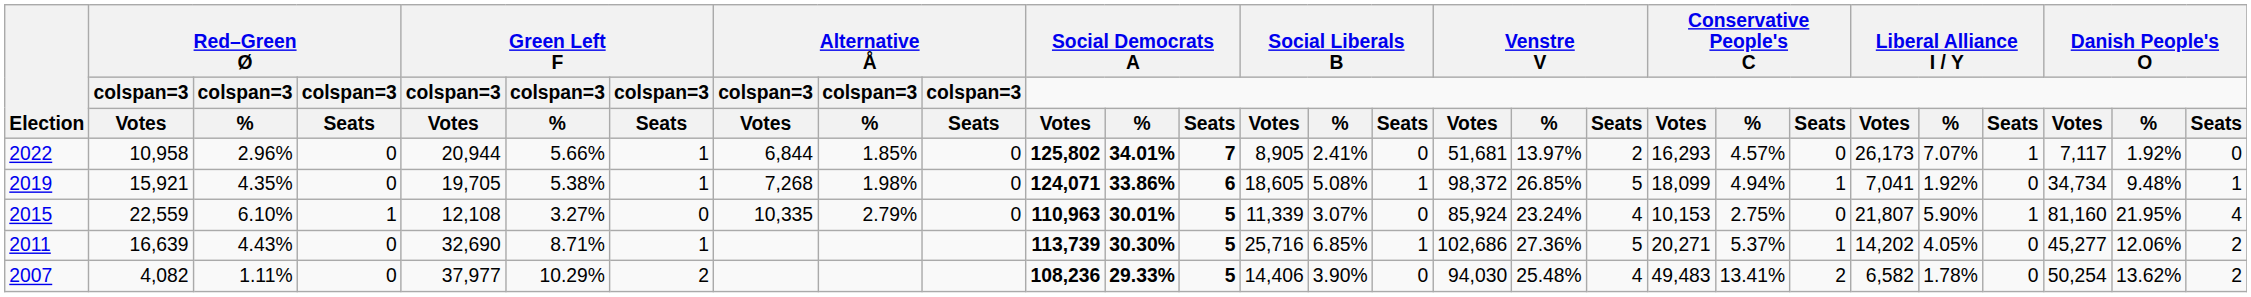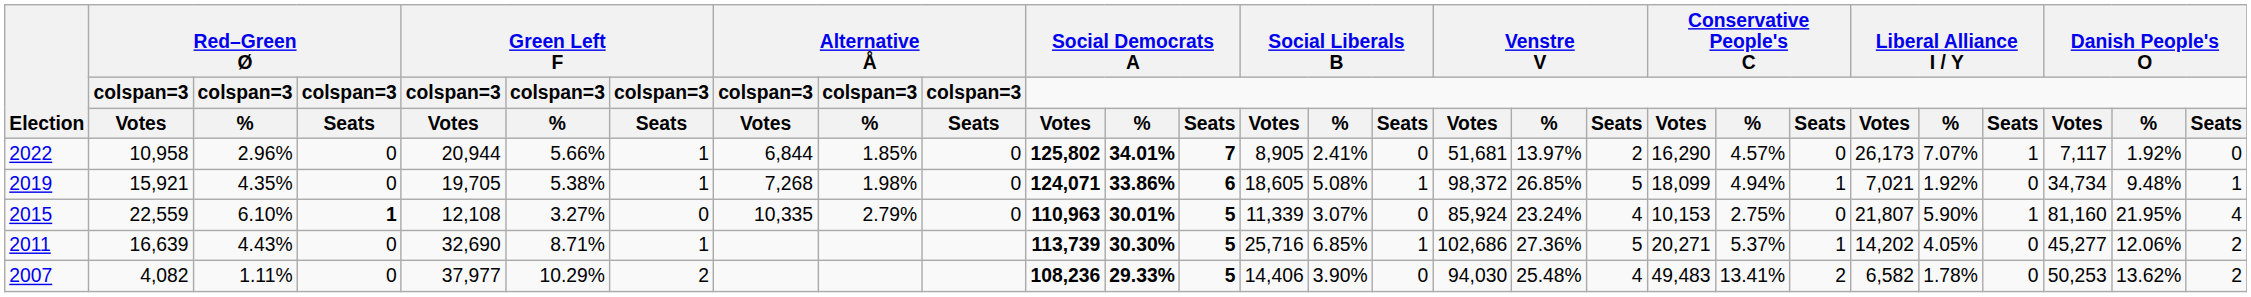 <table class="wikitable" border="1" style="font-size:85%; text-align:right;">
 <tr>
 <th style="text-align:left;" valign=bottom rowspan=3>Election</th>
 <th valign=bottom colspan=3><a href='#'>Red–Green</a><br>Ø</th>
 <th valign=bottom colspan=3><a href='#'>Green Left</a><br>F</th>
 <th valign=bottom colspan=3><a href='#'>Alternative</a><br>Å</th>
 <th valign=bottom colspan=3><a href='#'>Social Democrats</a><br>A</th>
 <th valign=bottom colspan=3><a href='#'>Social Liberals</a><br>B</th>
 <th valign=bottom colspan=3><a href='#'>Venstre</a><br>V</th>
 <th valign=bottom colspan=3><a href='#'>Conservative People's</a><br>C</th>
 <th valign=bottom colspan=3><a href='#'>Liberal Alliance</a><br>I / Y</th>
 <th valign=bottom colspan=3><a href='#'>Danish People's</a><br>O</th>
 </tr>
 <tr>
 <th>colspan=3 </th>
 <th>colspan=3 </th>
 <th>colspan=3 </th>
 <th>colspan=3 </th>
 <th>colspan=3 </th>
 <th>colspan=3 </th>
 <th>colspan=3 </th>
 <th>colspan=3 </th>
 <th>colspan=3 </th>
 </tr>
 <tr>
 <th>Votes</th>
 <th>%</th>
 <th>Seats</th>
 <th>Votes</th>
 <th>%</th>
 <th>Seats</th>
 <th>Votes</th>
 <th>%</th>
 <th>Seats</th>
 <th>Votes</th>
 <th>%</th>
 <th>Seats</th>
 <th>Votes</th>
 <th>%</th>
 <th>Seats</th>
 <th>Votes</th>
 <th>%</th>
 <th>Seats</th>
 <th>Votes</th>
 <th>%</th>
 <th>Seats</th>
 <th>Votes</th>
 <th>%</th>
 <th>Seats</th>
 <th>Votes</th>
 <th>%</th>
 <th>Seats</th>
 </tr>
 <tr>
 <td align=left><a href='#'>2022</a></td>
 <td>10,958</td>
 <td>2.96%</td>
 <td>0</td>
 <td>20,944</td>
 <td>5.66%</td>
 <td>1</td>
 <td>6,844</td>
 <td>1.85%</td>
 <td>0</td>
 <td><strong>125,802</strong></td>
 <td><strong>34.01%</strong></td>
 <td><strong>7</strong></td>
 <td>8,905</td>
 <td>2.41%</td>
 <td>0</td>
 <td>51,681</td>
 <td>13.97%</td>
 <td>2</td>
-<td>16,293</td>
+<td>16,290</td>
 <td>4.57%</td>
 <td>0</td>
 <td>26,173</td>
 <td>7.07%</td>
 <td>1</td>
 <td>7,117</td>
 <td>1.92%</td>
 <td>0</td>
 </tr>
 <tr>
 <td align=left><a href='#'>2019</a></td>
 <td>15,921</td>
 <td>4.35%</td>
 <td>0</td>
 <td>19,705</td>
 <td>5.38%</td>
 <td>1</td>
 <td>7,268</td>
 <td>1.98%</td>
 <td>0</td>
 <td><strong>124,071</strong></td>
 <td><strong>33.86%</strong></td>
 <td><strong>6</strong></td>
 <td>18,605</td>
 <td>5.08%</td>
 <td>1</td>
 <td>98,372</td>
 <td>26.85%</td>
 <td>5</td>
 <td>18,099</td>
 <td>4.94%</td>
 <td>1</td>
-<td>7,041</td>
+<td>7,021</td>
 <td>1.92%</td>
 <td>0</td>
 <td>34,734</td>
 <td>9.48%</td>
 <td>1</td>
 </tr>
 <tr>
 <td align=left><a href='#'>2015</a></td>
 <td>22,559</td>
 <td>6.10%</td>
-<td>1</td>
+<td><strong>1</strong></td>
 <td>12,108</td>
 <td>3.27%</td>
 <td>0</td>
 <td>10,335</td>
 <td>2.79%</td>
 <td>0</td>
 <td><strong>110,963</strong></td>
 <td><strong>30.01%</strong></td>
 <td><strong>5</strong></td>
 <td>11,339</td>
 <td>3.07%</td>
 <td>0</td>
 <td>85,924</td>
 <td>23.24%</td>
 <td>4</td>
 <td>10,153</td>
 <td>2.75%</td>
 <td>0</td>
 <td>21,807</td>
 <td>5.90%</td>
 <td>1</td>
 <td>81,160</td>
 <td>21.95%</td>
 <td>4</td>
 </tr>
 <tr>
 <td align=left><a href='#'>2011</a></td>
 <td>16,639</td>
 <td>4.43%</td>
 <td>0</td>
 <td>32,690</td>
 <td>8.71%</td>
 <td>1</td>
 <td></td>
 <td></td>
 <td></td>
 <td><strong>113,739</strong></td>
 <td><strong>30.30%</strong></td>
 <td><strong>5</strong></td>
 <td>25,716</td>
 <td>6.85%</td>
 <td>1</td>
 <td>102,686</td>
 <td>27.36%</td>
 <td>5</td>
 <td>20,271</td>
 <td>5.37%</td>
 <td>1</td>
 <td>14,202</td>
 <td>4.05%</td>
 <td>0</td>
 <td>45,277</td>
 <td>12.06%</td>
 <td>2</td>
 </tr>
 <tr>
 <td align=left><a href='#'>2007</a></td>
 <td>4,082</td>
 <td>1.11%</td>
 <td>0</td>
 <td>37,977</td>
 <td>10.29%</td>
 <td>2</td>
 <td></td>
 <td></td>
 <td></td>
 <td><strong>108,236</strong></td>
 <td><strong>29.33%</strong></td>
 <td><strong>5</strong></td>
 <td>14,406</td>
 <td>3.90%</td>
 <td>0</td>
 <td>94,030</td>
 <td>25.48%</td>
 <td>4</td>
 <td>49,483</td>
 <td>13.41%</td>
 <td>2</td>
 <td>6,582</td>
 <td>1.78%</td>
 <td>0</td>
-<td>50,254</td>
+<td>50,253</td>
 <td>13.62%</td>
 <td>2</td>
 </tr>
 </table>
